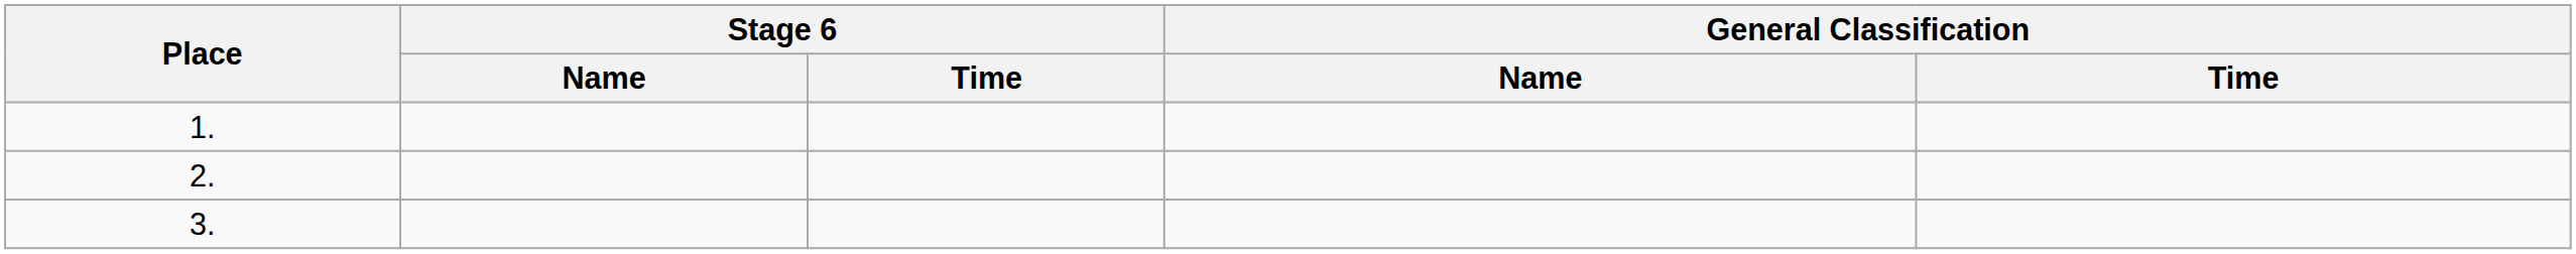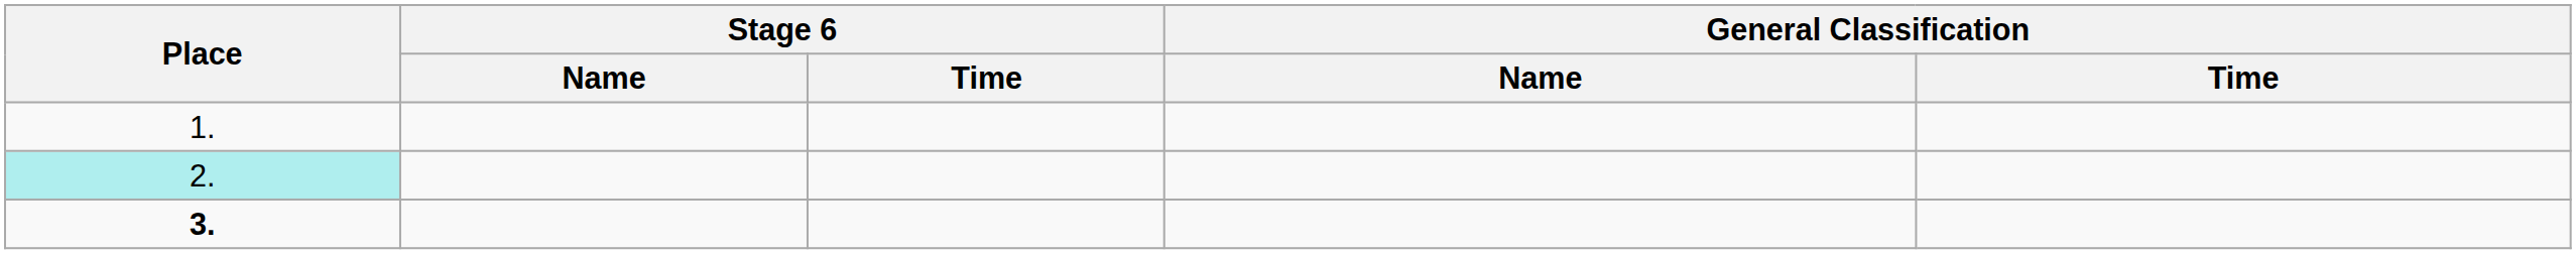 <table class="wikitable"  style="font-size:95%; width:80%;">
 <tr>
 <th rowspan="2">Place</th>
 <th colspan="2">Stage 6</th>
 <th colspan="2">General Classification</th>
 </tr>
 <tr>
 <th>Name</th>
 <th>Time</th>
 <th>Name</th>
 <th>Time</th>
 </tr>
 <tr>
 <td style="text-align:center;">1.</td>
 <td></td>
 <td></td>
 <td></td>
 <td></td>
 </tr>
 <tr>
-<td style="text-align:center;">2.</td>
+<td style="background: paleturquoise; text-align:center;">2.</td>
 <td></td>
 <td></td>
 <td></td>
 <td></td>
 </tr>
 <tr>
-<td style="text-align:center;">3.</td>
+<td style="text-align:center;"><strong>3.</strong></td>
 <td></td>
 <td></td>
 <td></td>
 <td></td>
 </tr>
 </table>
